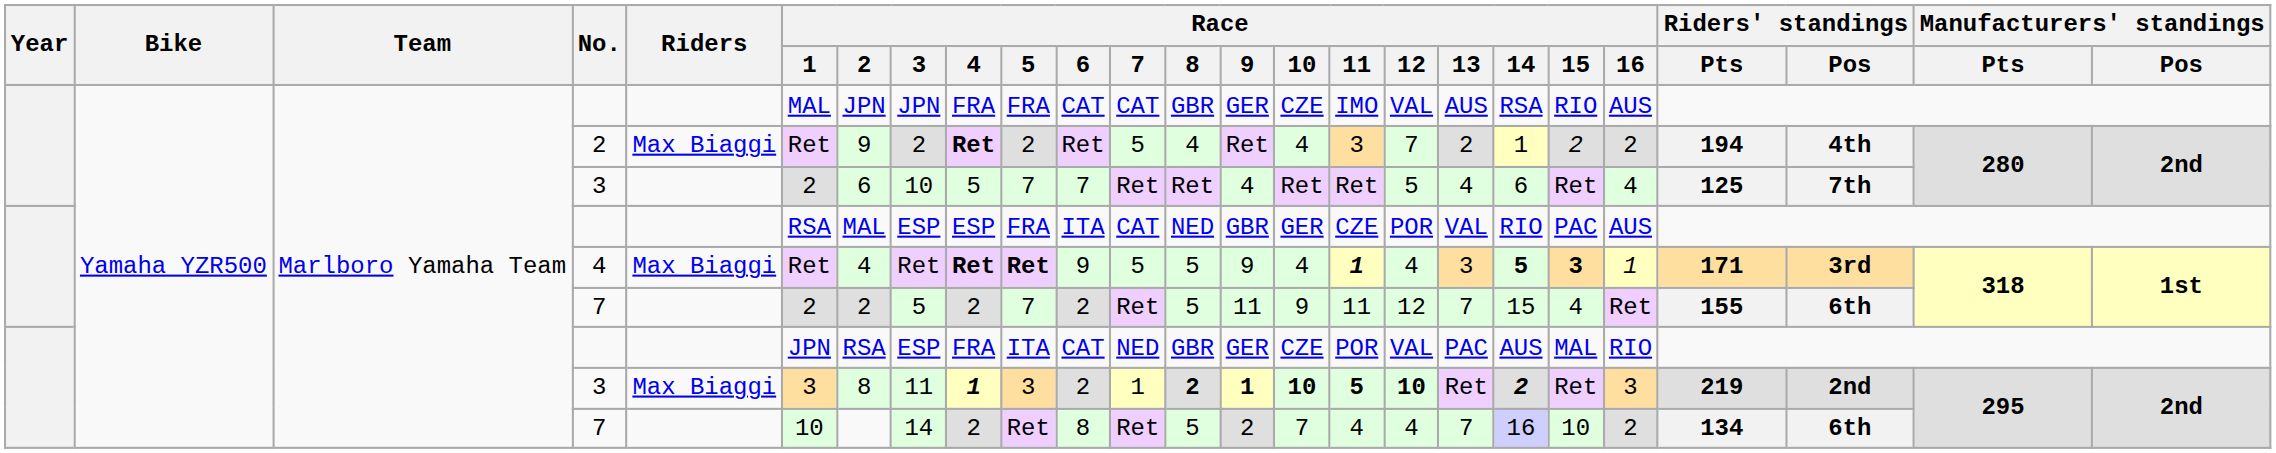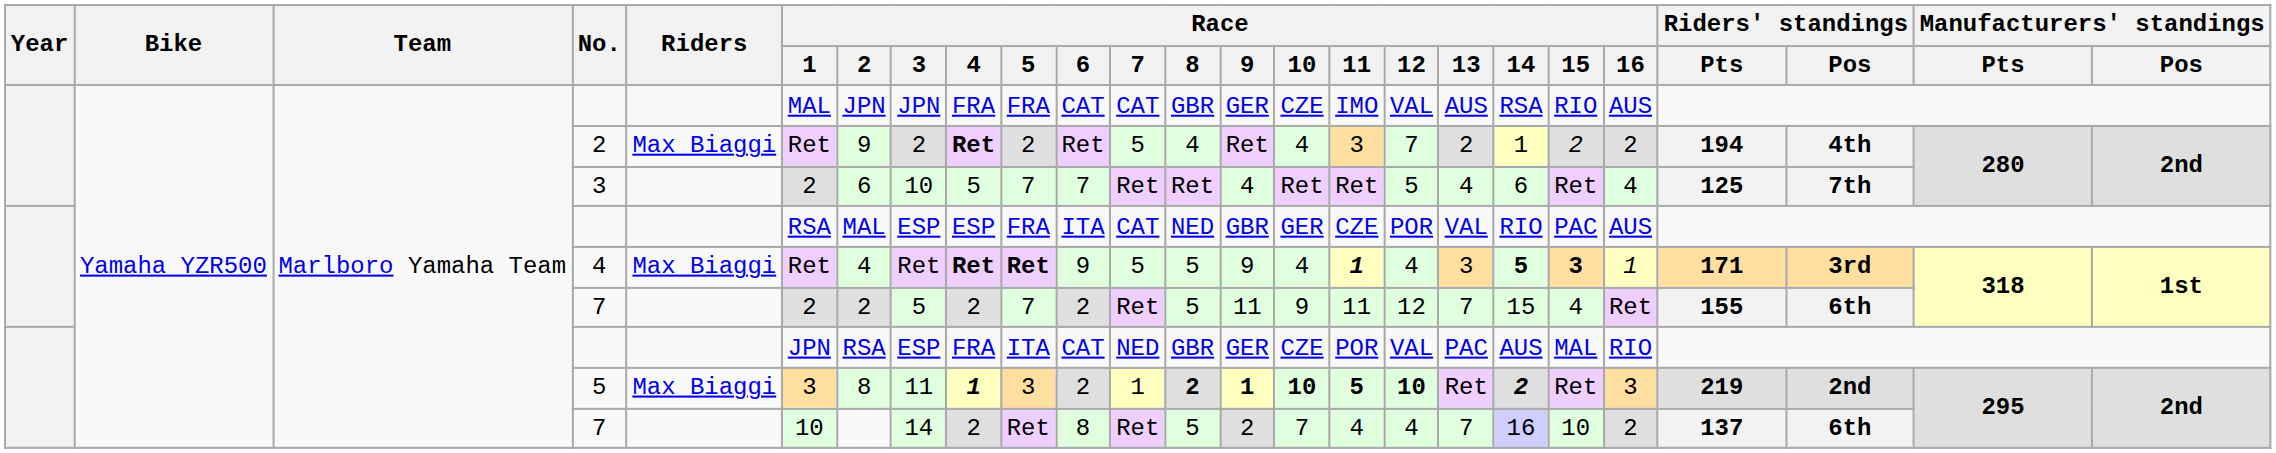 <table class="wikitable" border="1" style="text-align:center; font-size:90%">
 <tr>
 <th scope="col" rowspan=2>Year</th>
 <th scope="col" rowspan=2>Bike</th>
 <th scope="col" rowspan=2>Team</th>
 <th rowspan=2>No.</th>
 <th scope="col" rowspan=2>Riders</th>
 <th colspan=16>Race</th>
 <th colspan=2>Riders' standings</th>
 <th colspan=2>Manufacturers' standings</th>
 </tr>
 <tr>
 <th scope="col">1</th>
 <th scope="col">2</th>
 <th scope="col">3</th>
 <th scope="col">4</th>
 <th scope="col">5</th>
 <th scope="col">6</th>
 <th scope="col">7</th>
 <th scope="col">8</th>
 <th scope="col">9</th>
 <th scope="col">10</th>
 <th scope="col">11</th>
 <th scope="col">12</th>
 <th scope="col">13</th>
 <th scope="col">14</th>
 <th scope="col">15</th>
 <th scope="col">16</th>
 <th>Pts</th>
 <th>Pos</th>
 <th>Pts</th>
 <th>Pos</th>
 </tr>
 <tr>
 <th scope="row" rowspan="3"></th>
 <td rowspan="9"><a href='#'>Yamaha YZR500</a></td>
 <td rowspan="9"><a href='#'>Marlboro</a> Yamaha Team</td>
 <td></td>
 <td></td>
 <td><a href='#'>MAL</a></td>
 <td><a href='#'>JPN</a></td>
 <td><a href='#'>JPN</a></td>
 <td><a href='#'>FRA</a></td>
 <td><a href='#'>FRA</a></td>
 <td><a href='#'>CAT</a></td>
 <td><a href='#'>CAT</a></td>
 <td><a href='#'>GBR</a></td>
 <td><a href='#'>GER</a></td>
 <td><a href='#'>CZE</a></td>
 <td><a href='#'>IMO</a></td>
 <td><a href='#'>VAL</a></td>
 <td><a href='#'>AUS</a></td>
 <td><a href='#'>RSA</a></td>
 <td><a href='#'>RIO</a></td>
 <td><a href='#'>AUS</a></td>
 <td colspan="4"></td>
 </tr>
 <tr>
 <td>2</td>
 <td align="left"> <a href='#'>Max Biaggi</a></td>
 <td style="background:#efcfff;">Ret</td>
 <td style="background:#dfffdf;">9</td>
 <td style="background:#dfdfdf;">2</td>
 <td style="background:#efcfff;"><strong>Ret</strong></td>
 <td style="background:#dfdfdf;">2</td>
 <td style="background:#efcfff;">Ret</td>
 <td style="background:#dfffdf;">5</td>
 <td style="background:#dfffdf;">4</td>
 <td style="background:#efcfff;">Ret</td>
 <td style="background:#dfffdf;">4</td>
 <td style="background:#ffdf9f;">3</td>
 <td style="background:#dfffdf;">7</td>
 <td style="background:#dfdfdf;">2</td>
 <td style="background:#ffffbf;">1</td>
 <td style="background:#dfdfdf;"><em>2</em></td>
 <td style="background:#dfdfdf;">2</td>
 <th>194</th>
 <th>4th</th>
 <th rowspan="2" style="background:#dfdfdf;">280</th>
 <th rowspan="2" style="background:#dfdfdf;">2nd</th>
 </tr>
 <tr>
 <td>3</td>
 <td align="left"></td>
 <td style="background:#dfdfdf;">2</td>
 <td style="background:#dfffdf;">6</td>
 <td style="background:#dfffdf;">10</td>
 <td style="background:#dfffdf;">5</td>
 <td style="background:#dfffdf;">7</td>
 <td style="background:#dfffdf;">7</td>
 <td style="background:#efcfff;">Ret</td>
 <td style="background:#efcfff;">Ret</td>
 <td style="background:#dfffdf;">4</td>
 <td style="background:#efcfff;">Ret</td>
 <td style="background:#efcfff;">Ret</td>
 <td style="background:#dfffdf;">5</td>
 <td style="background:#dfffdf;">4</td>
 <td style="background:#dfffdf;">6</td>
 <td style="background:#efcfff;">Ret</td>
 <td style="background:#dfffdf;">4</td>
 <th>125</th>
 <th>7th</th>
 </tr>
 <tr>
 <th scope="row" rowspan="3"></th>
 <td></td>
 <td></td>
 <td><a href='#'>RSA</a></td>
 <td><a href='#'>MAL</a></td>
 <td><a href='#'>ESP</a></td>
 <td><a href='#'>ESP</a></td>
 <td><a href='#'>FRA</a></td>
 <td><a href='#'>ITA</a></td>
 <td><a href='#'>CAT</a></td>
 <td><a href='#'>NED</a></td>
 <td><a href='#'>GBR</a></td>
 <td><a href='#'>GER</a></td>
 <td><a href='#'>CZE</a></td>
 <td><a href='#'>POR</a></td>
 <td><a href='#'>VAL</a></td>
 <td><a href='#'>RIO</a></td>
 <td><a href='#'>PAC</a></td>
 <td><a href='#'>AUS</a></td>
 <td colspan="4"></td>
 </tr>
 <tr>
 <td>4</td>
 <td align="left"> <a href='#'>Max Biaggi</a></td>
 <td style="background:#efcfff;">Ret</td>
 <td style="background:#dfffdf;">4</td>
 <td style="background:#efcfff;">Ret</td>
 <td style="background:#efcfff;"><strong>Ret</strong></td>
 <td style="background:#efcfff;"><strong>Ret</strong></td>
 <td style="background:#dfffdf;">9</td>
 <td style="background:#dfffdf;">5</td>
 <td style="background:#dfffdf;">5</td>
 <td style="background:#dfffdf;">9</td>
 <td style="background:#dfffdf;">4</td>
 <td style="background:#ffffbf;"><strong><em>1</em></strong></td>
 <td style="background:#dfffdf;">4</td>
 <td style="background:#ffdf9f;">3</td>
 <td style="background:#dfffdf;"><strong>5</strong></td>
 <td style="background:#ffdf9f;"><strong>3</strong></td>
 <td style="background:#ffffbf;"><em>1</em></td>
 <th style="background:#ffdf9f;">171</th>
 <th style="background:#ffdf9f;">3rd</th>
 <th rowspan="2" style="background:#ffffbf;">318</th>
 <th rowspan="2" style="background:#ffffbf;">1st</th>
 </tr>
 <tr>
 <td>7</td>
 <td align="left"></td>
 <td style="background:#dfdfdf;">2</td>
 <td style="background:#dfdfdf;">2</td>
 <td style="background:#dfffdf;">5</td>
 <td style="background:#dfdfdf;">2</td>
 <td style="background:#dfffdf;">7</td>
 <td style="background:#dfdfdf;">2</td>
 <td style="background:#efcfff;">Ret</td>
 <td style="background:#dfffdf;">5</td>
 <td style="background:#dfffdf;">11</td>
 <td style="background:#dfffdf;">9</td>
 <td style="background:#dfffdf;">11</td>
 <td style="background:#dfffdf;">12</td>
 <td style="background:#dfffdf;">7</td>
 <td style="background:#dfffdf;">15</td>
 <td style="background:#dfffdf;">4</td>
 <td style="background:#efcfff;">Ret</td>
 <th>155</th>
 <th>6th</th>
 </tr>
 <tr>
 <th scope="row" rowspan="3"></th>
 <td></td>
 <td></td>
 <td><a href='#'>JPN</a></td>
 <td><a href='#'>RSA</a></td>
 <td><a href='#'>ESP</a></td>
 <td><a href='#'>FRA</a></td>
 <td><a href='#'>ITA</a></td>
 <td><a href='#'>CAT</a></td>
 <td><a href='#'>NED</a></td>
 <td><a href='#'>GBR</a></td>
 <td><a href='#'>GER</a></td>
 <td><a href='#'>CZE</a></td>
 <td><a href='#'>POR</a></td>
 <td><a href='#'>VAL</a></td>
 <td><a href='#'>PAC</a></td>
 <td><a href='#'>AUS</a></td>
 <td><a href='#'>MAL</a></td>
 <td><a href='#'>RIO</a></td>
 <td colspan="4"></td>
 </tr>
 <tr>
-<td>3</td>
+<td>5</td>
 <td align="left"> <a href='#'>Max Biaggi</a></td>
 <td style="background:#ffdf9f;">3</td>
 <td style="background:#dfffdf;">8</td>
 <td style="background:#dfffdf;">11</td>
 <td style="background:#ffffbf;"><strong><em>1</em></strong></td>
 <td style="background:#ffdf9f;">3</td>
 <td style="background:#dfdfdf;">2</td>
 <td style="background:#ffffbf;">1</td>
 <td style="background:#dfdfdf;"><strong>2</strong></td>
 <td style="background:#ffffbf;"><strong>1</strong></td>
 <td style="background:#dfffdf;"><strong>10</strong></td>
 <td style="background:#dfffdf;"><strong>5</strong></td>
 <td style="background:#dfffdf;"><strong>10</strong></td>
 <td style="background:#efcfff;">Ret</td>
 <td style="background:#dfdfdf;"><strong><em>2</em></strong></td>
 <td style="background:#efcfff;">Ret</td>
 <td style="background:#ffdf9f;">3</td>
 <th style="background:#dfdfdf;">219</th>
 <th style="background:#dfdfdf;">2nd</th>
 <th rowspan="2" style="background:#dfdfdf;">295</th>
 <th rowspan="2" style="background:#dfdfdf;">2nd</th>
 </tr>
 <tr>
 <td>7</td>
 <td align="left"></td>
 <td style="background:#dfffdf;">10</td>
 <td></td>
 <td style="background:#dfffdf;">14</td>
 <td style="background:#dfdfdf;">2</td>
 <td style="background:#efcfff;">Ret</td>
 <td style="background:#dfffdf;">8</td>
 <td style="background:#efcfff;">Ret</td>
 <td style="background:#dfffdf;">5</td>
 <td style="background:#dfdfdf;">2</td>
 <td style="background:#dfffdf;">7</td>
 <td style="background:#dfffdf;">4</td>
 <td style="background:#dfffdf;">4</td>
 <td style="background:#dfffdf;">7</td>
 <td style="background:#cfcfff;">16</td>
 <td style="background:#dfffdf;">10</td>
 <td style="background:#dfdfdf;">2</td>
-<th>134</th>
+<th>137</th>
 <th>6th</th>
 </tr>
 </table>
